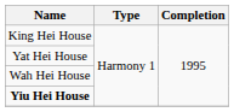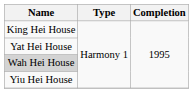 <table class="wikitable" style="text-align: center">
 <tr>
 <th>Name</th>
 <th>Type</th>
 <th>Completion</th>
 </tr>
 <tr>
 <td>King Hei House</td>
 <td rowspan="4">Harmony 1</td>
 <td rowspan="4">1995</td>
 </tr>
 <tr>
 <td>Yat Hei House</td>
 </tr>
 <tr>
-<td>Wah Hei House</td>
+<td style="background: lightgrey;">Wah Hei House</td>
 </tr>
 <tr>
-<td><strong>Yiu Hei House</strong></td>
+<td>Yiu Hei House</td>
 </tr>
 <tr>
 </tr>
 </table>
